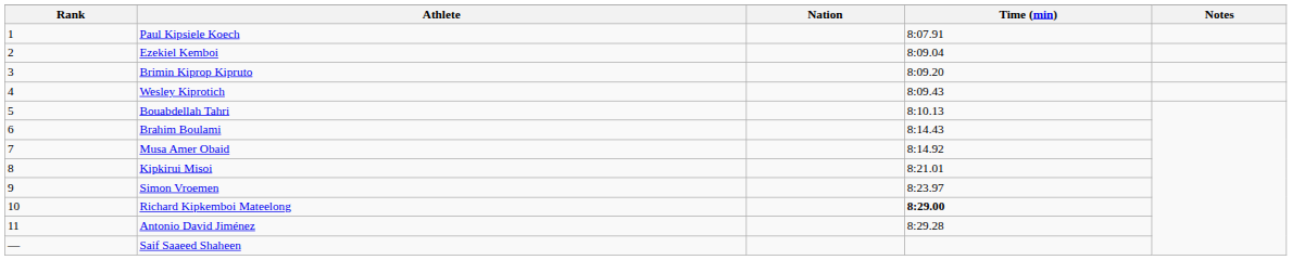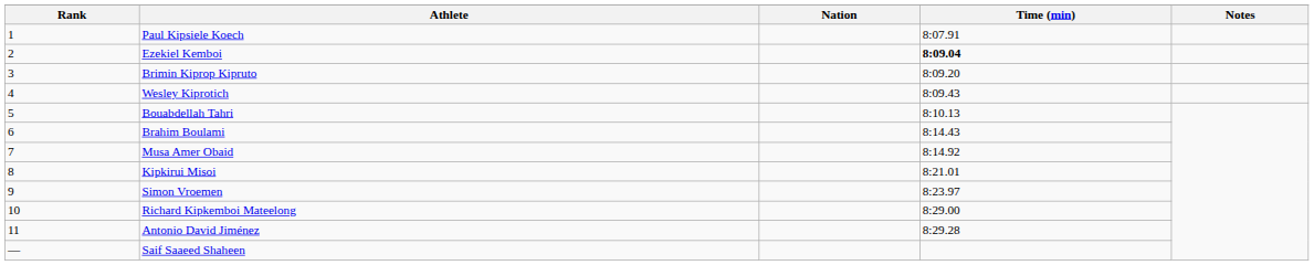 <table class="wikitable" width=85%>
 <tr>
 </tr>
 <tr>
 <th>Rank</th>
 <th>Athlete</th>
 <th>Nation</th>
 <th>Time (<a href='#'>min</a>)</th>
 <th>Notes</th>
 </tr>
 <tr>
 <td>1</td>
 <td><a href='#'>Paul Kipsiele Koech</a></td>
 <td></td>
 <td>8:07.91</td>
 </tr>
 <tr>
 <td>2</td>
 <td><a href='#'>Ezekiel Kemboi</a></td>
 <td></td>
-<td>8:09.04</td>
+<td><strong>8:09.04</strong></td>
 <td></td>
 </tr>
 <tr>
 <td>3</td>
 <td><a href='#'>Brimin Kiprop Kipruto</a></td>
 <td></td>
 <td>8:09.20</td>
 </tr>
 <tr>
 <td>4</td>
 <td><a href='#'>Wesley Kiprotich</a></td>
 <td></td>
 <td>8:09.43</td>
 <td></td>
 </tr>
 <tr>
 <td>5</td>
 <td><a href='#'>Bouabdellah Tahri</a></td>
 <td></td>
 <td>8:10.13</td>
 </tr>
 <tr>
 <td>6</td>
 <td><a href='#'>Brahim Boulami</a></td>
 <td></td>
 <td>8:14.43</td>
 </tr>
 <tr>
 <td>7</td>
 <td><a href='#'>Musa Amer Obaid</a></td>
 <td></td>
 <td>8:14.92</td>
 </tr>
 <tr>
 <td>8</td>
 <td><a href='#'>Kipkirui Misoi</a></td>
 <td></td>
 <td>8:21.01</td>
 </tr>
 <tr>
 <td>9</td>
 <td><a href='#'>Simon Vroemen</a></td>
 <td></td>
 <td>8:23.97</td>
 </tr>
 <tr>
 <td>10</td>
 <td><a href='#'>Richard Kipkemboi Mateelong</a></td>
 <td></td>
-<td><strong>8:29.00</strong></td>
+<td>8:29.00</td>
 </tr>
 <tr>
 <td>11</td>
 <td><a href='#'>Antonio David Jiménez</a></td>
 <td></td>
 <td>8:29.28</td>
 </tr>
 <tr>
 <td>—</td>
 <td><a href='#'>Saif Saaeed Shaheen</a></td>
 <td></td>
 <td></td>
 </tr>
 </table>
